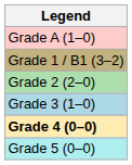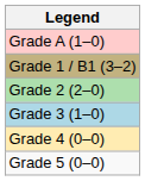 <table class="wikitable" style="font-size:85%;">
 <tr>
 <th>Legend</th>
 </tr>
 <tr bgcolor="ffcccc">
 <td>Grade A (1–0)</td>
 </tr>
 <tr bgcolor="C2B280">
 <td>Grade 1 / B1 (3–2)</td>
 </tr>
 <tr bgcolor="ADDFAD">
 <td>Grade 2 (2–0)</td>
 </tr>
 <tr bgcolor="lightblue">
 <td>Grade 3 (1–0)</td>
 </tr>
 <tr bgcolor="ffecb2">
-<td><strong>Grade 4 (0–0)</strong></td>
+<td>Grade 4 (0–0)</td>
 </tr>
 <tr>
-<td style="background: paleturquoise;">Grade 5 (0–0)</td>
+<td>Grade 5 (0–0)</td>
 </tr>
 </table>
